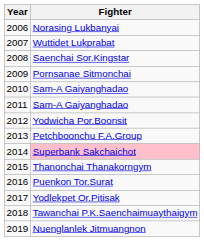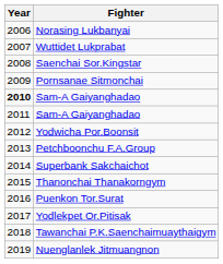 <table class="wikitable">
 <tr>
 <th>Year</th>
 <th>Fighter</th>
 </tr>
 <tr>
 <td>2006</td>
 <td><a href='#'>Norasing Lukbanyai</a></td>
 </tr>
 <tr>
 <td>2007</td>
 <td><a href='#'>Wuttidet Lukprabat</a></td>
 </tr>
 <tr>
 <td>2008</td>
 <td><a href='#'>Saenchai Sor.Kingstar</a></td>
 </tr>
 <tr>
 <td>2009</td>
 <td><a href='#'>Pornsanae Sitmonchai</a></td>
 </tr>
 <tr>
-<td>2010</td>
+<td><strong>2010</strong></td>
 <td><a href='#'>Sam-A Gaiyanghadao</a></td>
 </tr>
 <tr>
 <td>2011</td>
 <td><a href='#'>Sam-A Gaiyanghadao</a></td>
 </tr>
 <tr>
 <td>2012</td>
 <td><a href='#'>Yodwicha Por.Boonsit</a></td>
 </tr>
 <tr>
 <td>2013</td>
 <td><a href='#'>Petchboonchu F.A.Group</a></td>
 </tr>
 <tr>
 <td>2014</td>
-<td style="background: pink;"><a href='#'>Superbank Sakchaichot</a></td>
+<td><a href='#'>Superbank Sakchaichot</a></td>
 </tr>
 <tr>
 <td>2015</td>
 <td><a href='#'>Thanonchai Thanakorngym</a></td>
 </tr>
 <tr>
 <td>2016</td>
 <td><a href='#'>Puenkon Tor.Surat</a></td>
 </tr>
 <tr>
 <td>2017</td>
 <td><a href='#'>Yodlekpet Or.Pitisak</a></td>
 </tr>
 <tr>
 <td>2018</td>
 <td><a href='#'>Tawanchai P.K.Saenchaimuaythaigym</a></td>
 </tr>
 <tr>
 <td>2019</td>
 <td><a href='#'>Nuenglanlek Jitmuangnon</a></td>
 </tr>
 </table>
